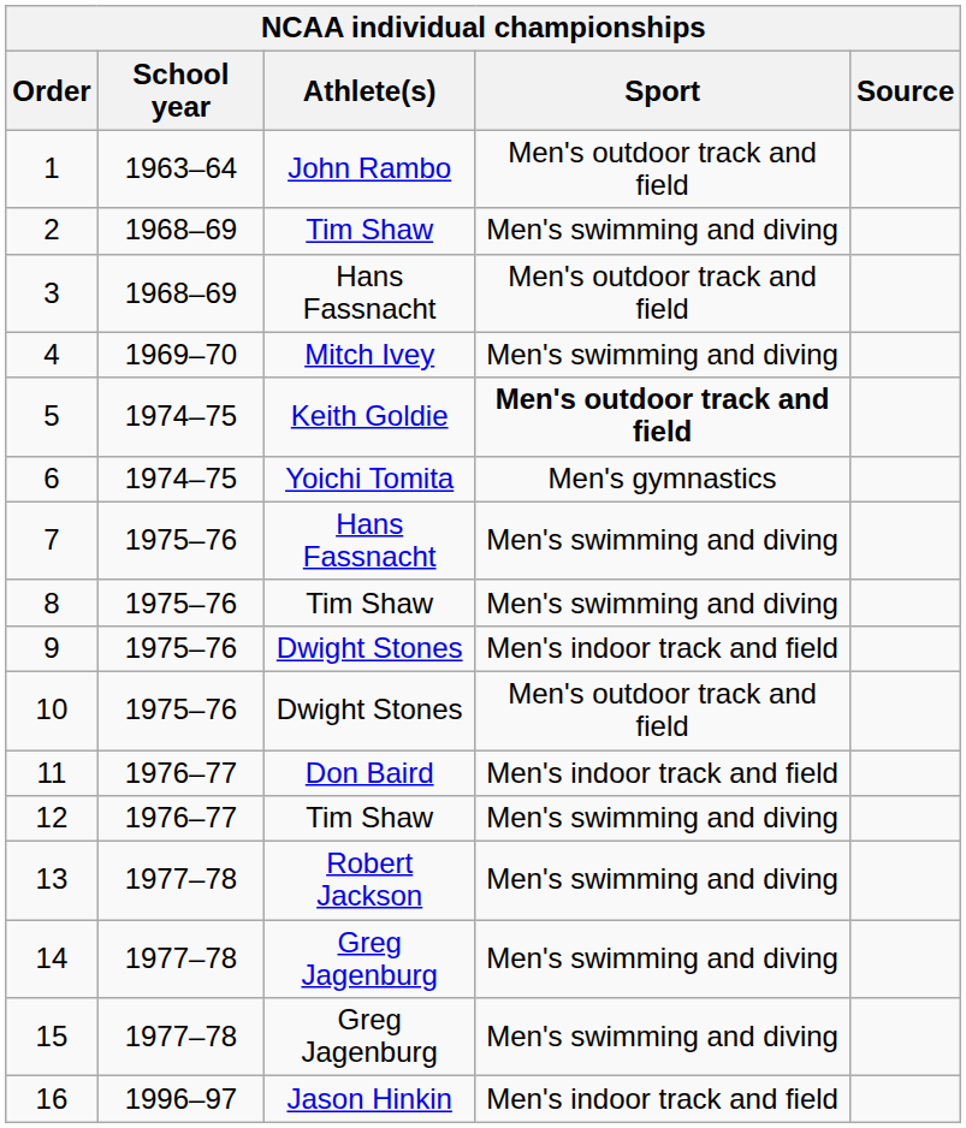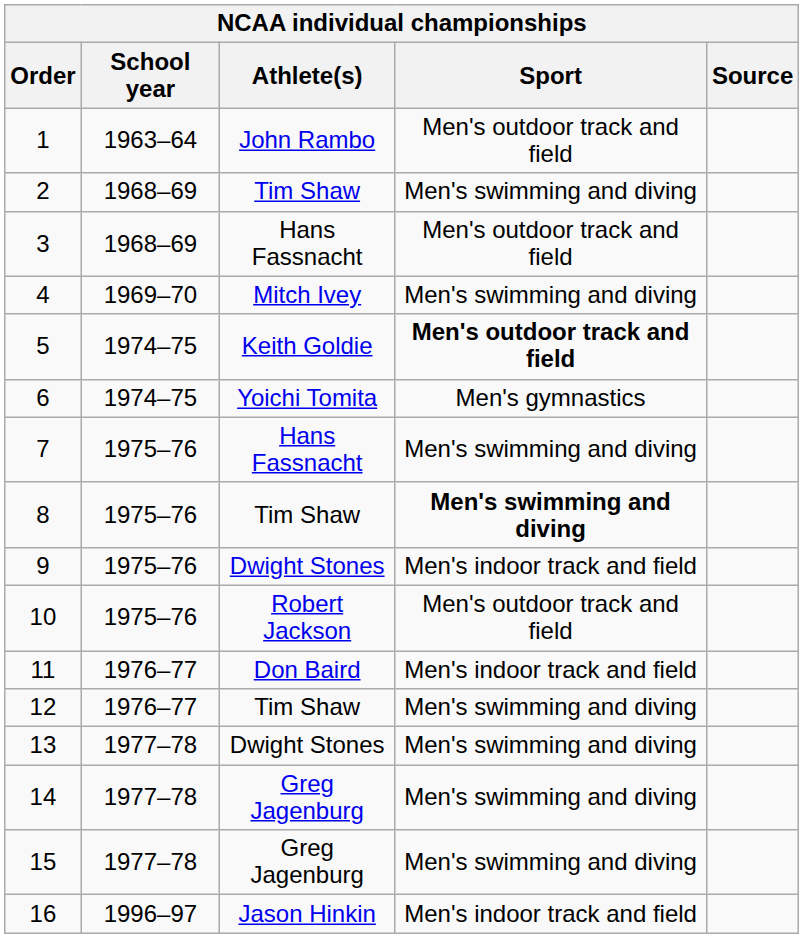 <table class="wikitable sortable" width="60%">
 <tr align="center">
 <th colspan=5>NCAA individual championships</th>
 </tr>
 <tr>
 <th>Order</th>
 <th>School year</th>
 <th>Athlete(s)</th>
 <th>Sport</th>
 <th>Source</th>
 </tr>
 <tr align="center" bgcolor="">
 <td>1</td>
 <td>1963–64</td>
 <td><a href='#'>John Rambo</a></td>
 <td>Men's outdoor track and field</td>
 <td></td>
 </tr>
 <tr align="center" bgcolor="">
 <td>2</td>
 <td>1968–69</td>
 <td><a href='#'>Tim Shaw</a></td>
 <td>Men's swimming and diving</td>
 <td></td>
 </tr>
 <tr align="center" bgcolor="">
 <td>3</td>
 <td>1968–69</td>
 <td>Hans Fassnacht</td>
 <td>Men's outdoor track and field</td>
 <td></td>
 </tr>
 <tr align="center" bgcolor="">
 <td>4</td>
 <td>1969–70</td>
 <td><a href='#'>Mitch Ivey</a></td>
 <td>Men's swimming and diving</td>
 <td></td>
 </tr>
 <tr align="center" bgcolor="">
 <td>5</td>
 <td>1974–75</td>
 <td><a href='#'>Keith Goldie</a></td>
 <td><strong>Men's outdoor track and field</strong></td>
 <td></td>
 </tr>
 <tr align="center" bgcolor="">
 <td>6</td>
 <td>1974–75</td>
 <td><a href='#'>Yoichi Tomita</a></td>
 <td>Men's gymnastics</td>
 <td></td>
 </tr>
 <tr align="center" bgcolor="">
 <td>7</td>
 <td>1975–76</td>
 <td><a href='#'>Hans Fassnacht</a></td>
 <td>Men's swimming and diving</td>
 <td></td>
 </tr>
 <tr align="center" bgcolor="">
 <td>8</td>
 <td>1975–76</td>
 <td>Tim Shaw</td>
-<td>Men's swimming and diving</td>
+<td><strong>Men's swimming and diving</strong></td>
 <td></td>
 </tr>
 <tr align="center" bgcolor="">
 <td>9</td>
 <td>1975–76</td>
 <td><a href='#'>Dwight Stones</a></td>
 <td>Men's indoor track and field</td>
 <td></td>
 </tr>
 <tr align="center" bgcolor="">
 <td>10</td>
 <td>1975–76</td>
-<td>Dwight Stones</td>
+<td><a href='#'>Robert Jackson</a></td>
 <td>Men's outdoor track and field</td>
 <td></td>
 </tr>
 <tr align="center" bgcolor="">
 <td>11</td>
 <td>1976–77</td>
 <td><a href='#'>Don Baird</a></td>
 <td>Men's indoor track and field</td>
 <td></td>
 </tr>
 <tr align="center" bgcolor="">
 <td>12</td>
 <td>1976–77</td>
 <td>Tim Shaw</td>
 <td>Men's swimming and diving</td>
 <td></td>
 </tr>
 <tr align="center" bgcolor="">
 <td>13</td>
 <td>1977–78</td>
-<td><a href='#'>Robert Jackson</a></td>
+<td>Dwight Stones</td>
 <td>Men's swimming and diving</td>
 <td></td>
 </tr>
 <tr align="center" bgcolor="">
 <td>14</td>
 <td>1977–78</td>
 <td><a href='#'>Greg Jagenburg</a></td>
 <td>Men's swimming and diving</td>
 <td></td>
 </tr>
 <tr align="center" bgcolor="">
 <td>15</td>
 <td>1977–78</td>
 <td>Greg Jagenburg</td>
 <td>Men's swimming and diving</td>
 <td></td>
 </tr>
 <tr align="center" bgcolor="">
 <td>16</td>
 <td>1996–97</td>
 <td><a href='#'>Jason Hinkin</a></td>
 <td>Men's indoor track and field</td>
 <td></td>
 </tr>
 </table>
